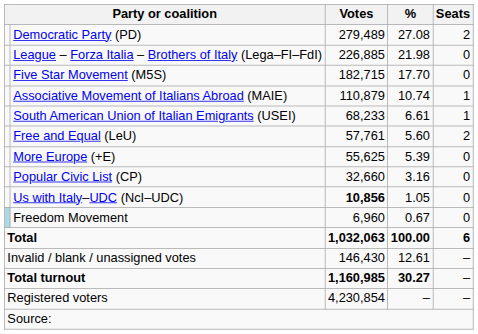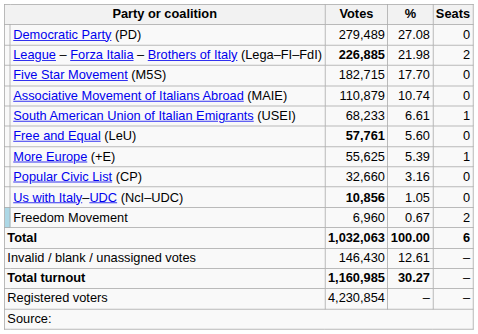 <table class=wikitable style="text-align:right">
 <tr>
 <th colspan=2>Party or coalition</th>
 <th>Votes</th>
 <th>%</th>
 <th>Seats</th>
 </tr>
 <tr>
 <td></td>
 <td align=left><a href='#'>Democratic Party</a> (PD)</td>
 <td>279,489</td>
 <td>27.08</td>
-<td>2</td>
+<td>0</td>
 </tr>
 <tr>
 <td></td>
 <td align=left><a href='#'>League</a> – <a href='#'>Forza Italia</a> – <a href='#'>Brothers of Italy</a> (Lega–FI–FdI)</td>
-<td>226,885</td>
+<td><strong>226,885</strong></td>
 <td>21.98</td>
-<td>0</td>
+<td>2</td>
 </tr>
 <tr>
 <td></td>
 <td align=left><a href='#'>Five Star Movement</a> (M5S)</td>
 <td>182,715</td>
 <td>17.70</td>
 <td>0</td>
 </tr>
 <tr>
 <td></td>
 <td align=left><a href='#'>Associative Movement of Italians Abroad</a> (MAIE)</td>
 <td>110,879</td>
 <td>10.74</td>
-<td>1</td>
+<td>0</td>
 </tr>
 <tr>
 <td></td>
 <td align=left><a href='#'>South American Union of Italian Emigrants</a> (USEI)</td>
 <td>68,233</td>
 <td>6.61</td>
 <td>1</td>
 </tr>
 <tr>
 <td></td>
 <td align=left><a href='#'>Free and Equal</a> (LeU)</td>
-<td>57,761</td>
+<td><strong>57,761</strong></td>
 <td>5.60</td>
-<td>2</td>
+<td>0</td>
 </tr>
 <tr>
 <td></td>
 <td align=left><a href='#'>More Europe</a> (+E)</td>
 <td>55,625</td>
 <td>5.39</td>
-<td>0</td>
+<td>1</td>
 </tr>
 <tr>
 <td></td>
 <td align=left><a href='#'>Popular Civic List</a> (CP)</td>
 <td>32,660</td>
 <td>3.16</td>
 <td>0</td>
 </tr>
 <tr>
 <td></td>
 <td align=left><a href='#'>Us with Italy</a>–<a href='#'>UDC</a> (NcI–UDC)</td>
 <td><strong>10,856</strong></td>
 <td>1.05</td>
 <td>0</td>
 </tr>
 <tr>
 <td style="background:lightblue;"></td>
 <td align=left>Freedom Movement</td>
 <td>6,960</td>
 <td>0.67</td>
-<td>0</td>
+<td>2</td>
 </tr>
 <tr>
 <td style="text-align:left;" colspan="2"><strong>Total</strong></td>
 <td style="text-align:right;"><strong>1,032,063</strong></td>
 <td style="text-align:right;"><strong>100.00</strong></td>
 <td style="text-align:right;"><strong>6</strong></td>
 </tr>
 <tr>
 <td style="text-align:left;" colspan="2">Invalid / blank / unassigned votes</td>
 <td>146,430</td>
 <td>12.61</td>
 <td>–</td>
 </tr>
 <tr>
 <td style="text-align:left;" colspan="2"><strong>Total turnout</strong></td>
 <td><strong>1,160,985</strong></td>
 <td><strong>30.27</strong></td>
 <td>–</td>
 </tr>
 <tr>
 <td style="text-align:left;" colspan="2">Registered voters</td>
 <td>4,230,854</td>
 <td>–</td>
 <td>–</td>
 </tr>
 <tr>
 <td style="text-align:left;" colspan="7">Source: </td>
 </tr>
 </table>
